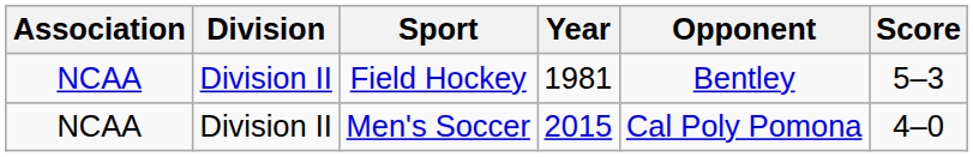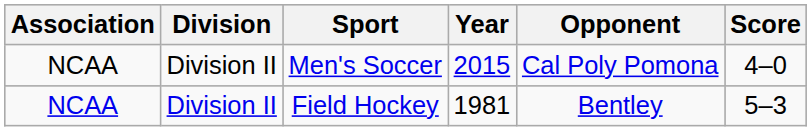 <table class="wikitable" style="text-align:center">
 <tr>
 <th>Association</th>
 <th>Division</th>
 <th>Sport</th>
 <th>Year</th>
 <th>Opponent</th>
 <th>Score</th>
 </tr>
 <tr>
+<td>NCAA</td>
+<td>Division II</td>
+<td><a href='#'>Men's Soccer</a></td>
+<td><a href='#'>2015</a></td>
+<td><a href='#'>Cal Poly Pomona</a></td>
+<td>4–0</td>
+</tr>
+<tr>
 <td rowspan="1"><a href='#'>NCAA</a></td>
 <td rowspan="1"><a href='#'>Division II</a></td>
 <td><a href='#'>Field Hockey</a></td>
 <td>1981</td>
 <td><a href='#'>Bentley</a></td>
 <td>5–3</td>
 </tr>
-<tr>
-<td>NCAA</td>
-<td>Division II</td>
-<td><a href='#'>Men's Soccer</a></td>
-<td><a href='#'>2015</a></td>
-<td><a href='#'>Cal Poly Pomona</a></td>
-<td>4–0</td>
-</tr>
 </table>
